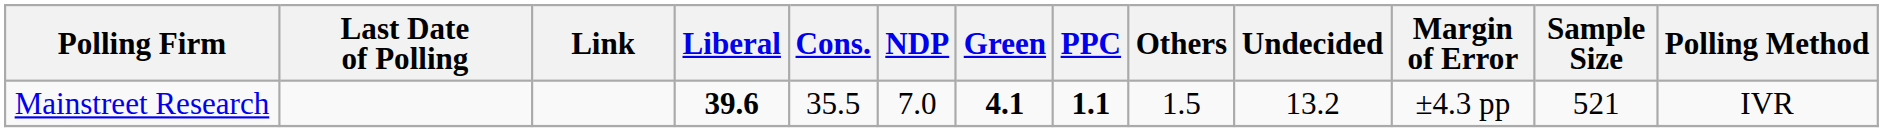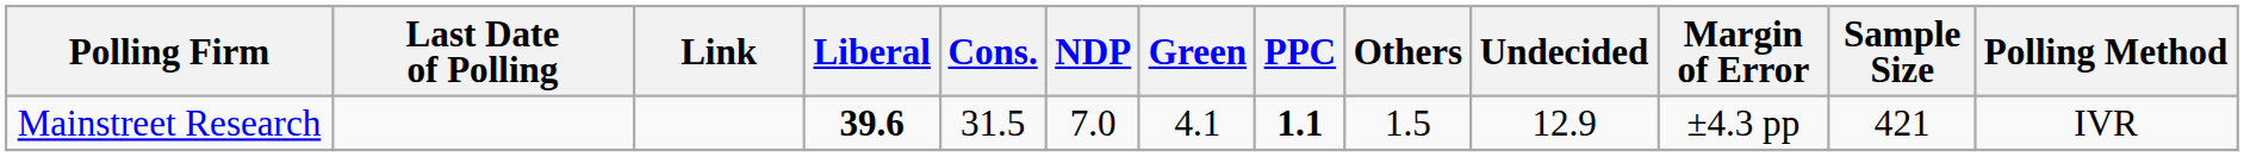 <table class="wikitable sortable" style="text-align:center;font-size:90%;line-height:14px;">
 <tr style="background:#e9e9e9;">
 <th style="width:120px">Polling Firm</th>
 <th style="width:110px">Last Date<br>of Polling</th>
 <th style="width:60px" class="unsortable">Link</th>
 <th style="background-color:"><a href='#'>Liberal</a></th>
 <th style="background-color:"><a href='#'>Cons.</a></th>
 <th style="background-color:"><a href='#'>NDP</a></th>
 <th style="background-color:"><a href='#'>Green</a></th>
 <th style="background-color:"><a href='#'><span>PPC</span></a></th>
 <th style="background-color:">Others</th>
 <th style="background-color:">Undecided</th>
 <th style="width:60px;" class=unsortable>Margin<br>of Error</th>
 <th style="width:50px;" class=unsortable>Sample<br>Size</th>
 <th class=unsortable>Polling Method</th>
 </tr>
 <tr>
 <td><a href='#'>Mainstreet Research</a></td>
 <td></td>
 <td></td>
 <td><strong>39.6</strong></td>
-<td>35.5</td>
+<td>31.5</td>
 <td>7.0</td>
-<td><strong>4.1</strong></td>
+<td>4.1</td>
 <td><strong>1.1</strong></td>
 <td>1.5</td>
-<td>13.2</td>
+<td>12.9</td>
 <td>±4.3 pp</td>
-<td>521</td>
+<td>421</td>
 <td>IVR</td>
 </tr>
 <tr>
 </tr>
 </table>
